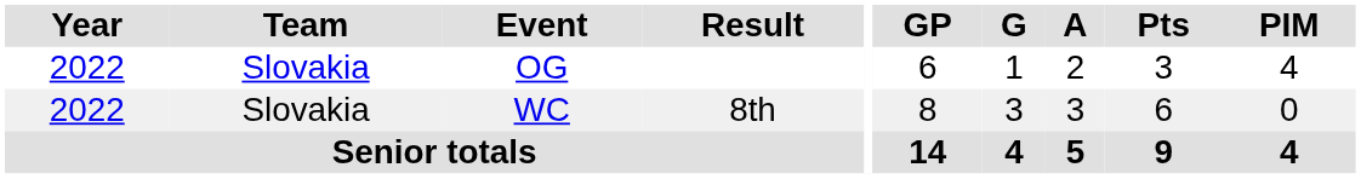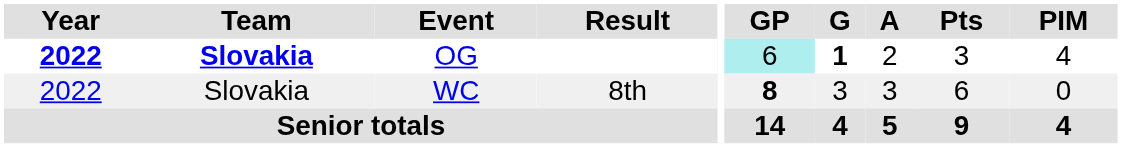 <table border="0" cellpadding="1" cellspacing="0" ID="Table3" style="text-align:center; width:40em;">
 <tr bgcolor="#e0e0e0">
 <th>Year</th>
 <th>Team</th>
 <th>Event</th>
 <th>Result</th>
 <th rowspan="98" bgcolor="#ffffff"></th>
 <th>GP</th>
 <th>G</th>
 <th>A</th>
 <th>Pts</th>
 <th>PIM</th>
 </tr>
 <tr>
-<td><a href='#'>2022</a></td>
-<td><a href='#'>Slovakia</a></td>
+<td><strong><a href='#'>2022</a></strong></td>
+<td><strong><a href='#'>Slovakia</a></strong></td>
 <td><a href='#'>OG</a></td>
 <td></td>
-<td>6</td>
-<td>1</td>
+<td style="background: paleturquoise;">6</td>
+<td><strong>1</strong></td>
 <td>2</td>
 <td>3</td>
 <td>4</td>
 </tr>
 <tr bgcolor="#f0f0f0">
 <td><a href='#'>2022</a></td>
 <td>Slovakia</td>
 <td><a href='#'>WC</a></td>
 <td>8th</td>
-<td>8</td>
+<td><strong>8</strong></td>
 <td>3</td>
 <td>3</td>
 <td>6</td>
 <td>0</td>
 </tr>
 <tr bgcolor="#e0e0e0">
 <th colspan="4">Senior totals</th>
 <th>14</th>
 <th>4</th>
 <th>5</th>
 <th>9</th>
 <th>4</th>
 </tr>
 </table>
